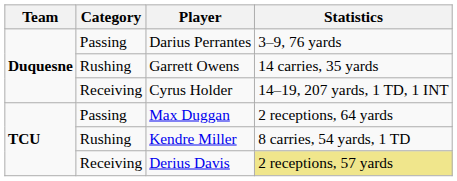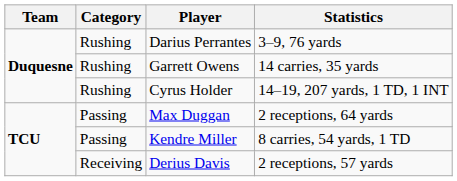 <table class="wikitable" style="float: right;">
 <tr>
 <th>Team</th>
 <th>Category</th>
 <th>Player</th>
 <th>Statistics</th>
 </tr>
 <tr>
 <td rowspan=3><strong>Duquesne</strong></td>
-<td>Passing</td>
+<td>Rushing</td>
 <td>Darius Perrantes</td>
 <td>3–9, 76 yards</td>
 </tr>
 <tr>
 <td>Rushing</td>
 <td>Garrett Owens</td>
 <td>14 carries, 35 yards</td>
 </tr>
 <tr>
-<td>Receiving</td>
+<td>Rushing</td>
 <td>Cyrus Holder</td>
 <td>14–19, 207 yards, 1 TD, 1 INT</td>
 </tr>
 <tr>
 <td rowspan=3><strong>TCU</strong></td>
 <td>Passing</td>
 <td><a href='#'>Max Duggan</a></td>
 <td>2 receptions, 64 yards</td>
 </tr>
 <tr>
-<td>Rushing</td>
+<td>Passing</td>
 <td><a href='#'>Kendre Miller</a></td>
 <td>8 carries, 54 yards, 1 TD</td>
 </tr>
 <tr>
 <td>Receiving</td>
 <td><a href='#'>Derius Davis</a></td>
-<td style="background: khaki;">2 receptions, 57 yards</td>
+<td>2 receptions, 57 yards</td>
 </tr>
 </table>
